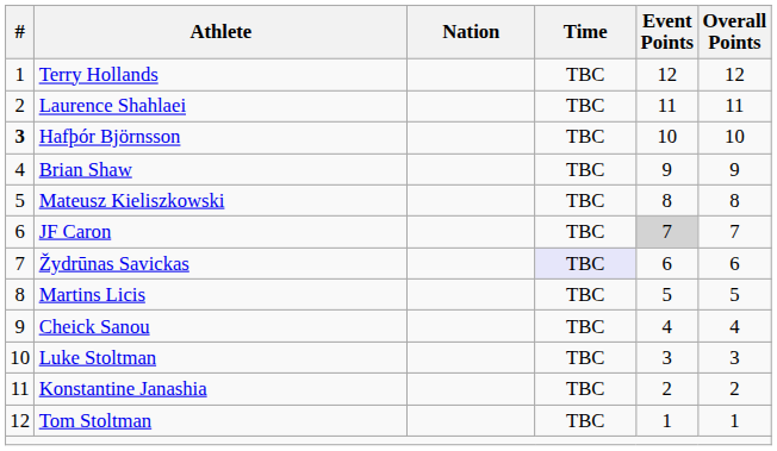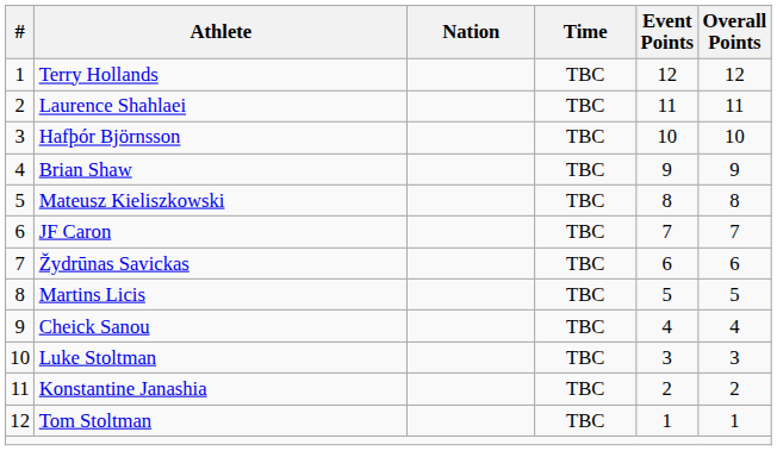 <table class="wikitable sortable" style="text-align:center;width: 70%;">
 <tr>
 <th scope="col" style="width: 10px;">#</th>
 <th scope="col">Athlete</th>
 <th scope="col">Nation</th>
 <th scope="col">Time</th>
 <th scope="col" style="width: 10px;">Event Points</th>
 <th scope="col" style="width: 10px;">Overall Points</th>
 </tr>
 <tr>
 <td>1</td>
 <td align=left><a href='#'>Terry Hollands</a></td>
 <td align=left></td>
 <td>TBC</td>
 <td>12</td>
 <td>12</td>
 </tr>
 <tr>
 <td>2</td>
 <td align=left><a href='#'>Laurence Shahlaei</a></td>
 <td align=left></td>
 <td>TBC</td>
 <td>11</td>
 <td>11</td>
 </tr>
 <tr>
-<td><strong>3</strong></td>
+<td>3</td>
 <td align=left><a href='#'>Hafþór Björnsson</a></td>
 <td align=left></td>
 <td>TBC</td>
 <td>10</td>
 <td>10</td>
 </tr>
 <tr>
 <td>4</td>
 <td align=left><a href='#'>Brian Shaw</a></td>
 <td align=left></td>
 <td>TBC</td>
 <td>9</td>
 <td>9</td>
 </tr>
 <tr>
 <td>5</td>
 <td align=left><a href='#'>Mateusz Kieliszkowski</a></td>
 <td align=left></td>
 <td>TBC</td>
 <td>8</td>
 <td>8</td>
 </tr>
 <tr>
 <td>6</td>
 <td align=left><a href='#'>JF Caron</a></td>
 <td align=left></td>
 <td>TBC</td>
-<td style="background: lightgrey;">7</td>
+<td>7</td>
 <td>7</td>
 </tr>
 <tr>
 <td>7</td>
 <td align=left><a href='#'>Žydrūnas Savickas</a></td>
 <td align=left></td>
-<td style="background: lavender;">TBC</td>
+<td>TBC</td>
 <td>6</td>
 <td>6</td>
 </tr>
 <tr>
 <td>8</td>
 <td align=left><a href='#'>Martins Licis</a></td>
 <td align=left></td>
 <td>TBC</td>
 <td>5</td>
 <td>5</td>
 </tr>
 <tr>
 <td>9</td>
 <td align=left><a href='#'>Cheick Sanou</a></td>
 <td align=left></td>
 <td>TBC</td>
 <td>4</td>
 <td>4</td>
 </tr>
 <tr>
 <td>10</td>
 <td align=left><a href='#'>Luke Stoltman</a></td>
 <td align=left></td>
 <td>TBC</td>
 <td>3</td>
 <td>3</td>
 </tr>
 <tr>
 <td>11</td>
 <td align=left><a href='#'>Konstantine Janashia</a></td>
 <td align=left></td>
 <td>TBC</td>
 <td>2</td>
 <td>2</td>
 </tr>
 <tr>
 <td>12</td>
 <td align=left><a href='#'>Tom Stoltman</a></td>
 <td align=left></td>
 <td>TBC</td>
 <td>1</td>
 <td>1</td>
 </tr>
 <tr class="sortbottom">
 <td colspan="6"></td>
 </tr>
 </table>
